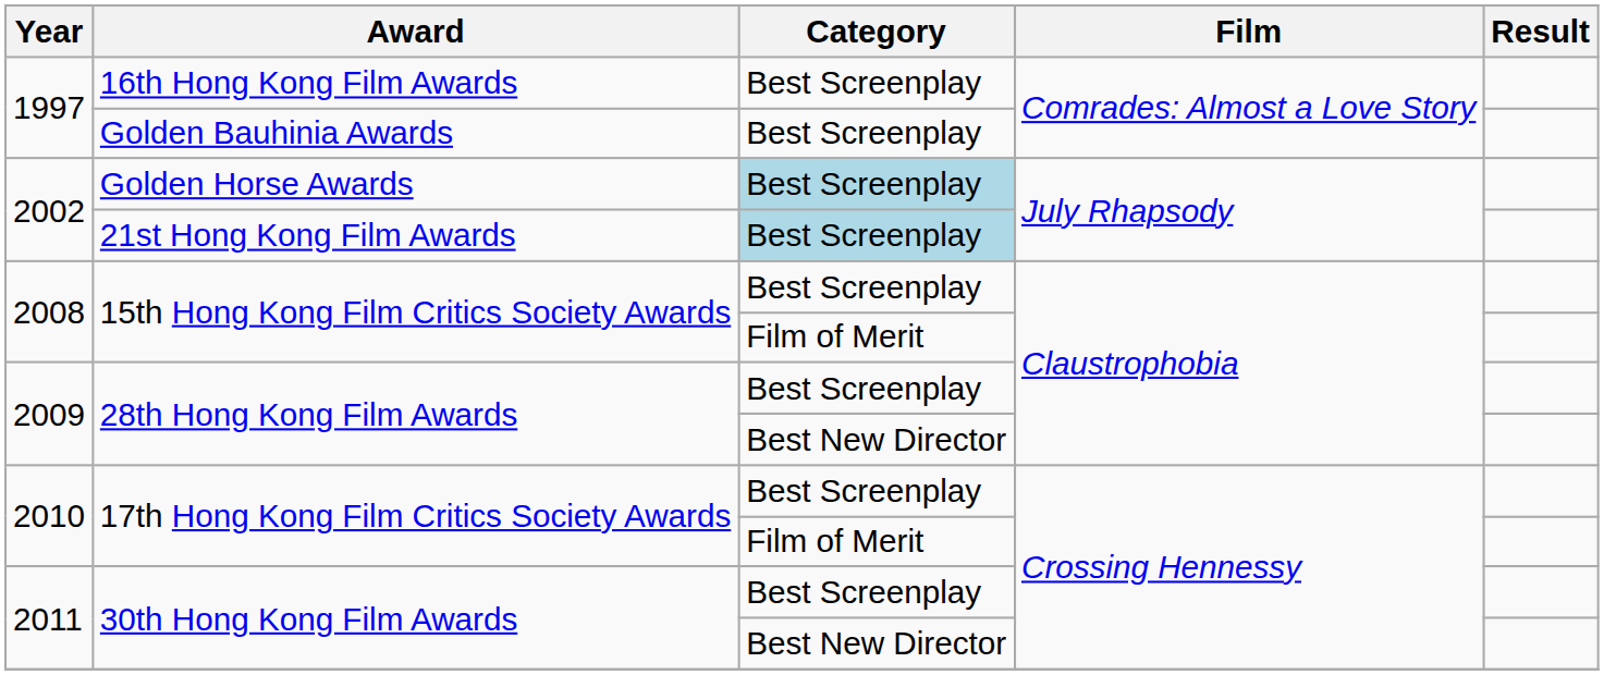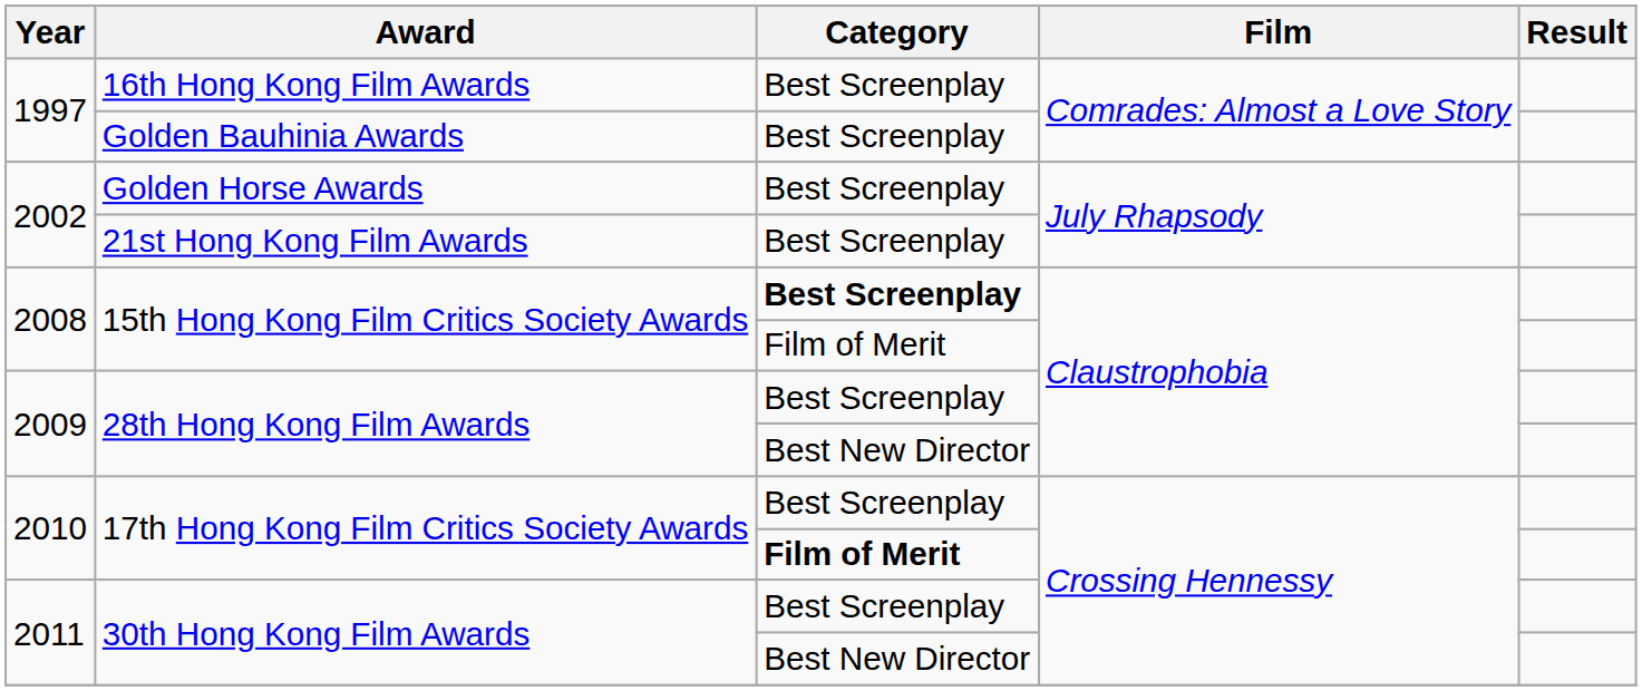 <table class="wikitable" style="font-size: 90%;">
 <tr>
 <th>Year</th>
 <th>Award</th>
 <th>Category</th>
 <th>Film</th>
 <th>Result</th>
 </tr>
 <tr>
 <td rowspan="2">1997</td>
 <td><a href='#'>16th Hong Kong Film Awards</a></td>
 <td>Best Screenplay</td>
 <td rowspan="2"><em><a href='#'>Comrades: Almost a Love Story</a></em></td>
 <td></td>
 </tr>
 <tr>
 <td><a href='#'>Golden Bauhinia Awards</a></td>
 <td>Best Screenplay</td>
 <td></td>
 </tr>
 <tr>
 <td rowspan="2">2002</td>
 <td><a href='#'>Golden Horse Awards</a></td>
-<td style="background: lightblue;">Best Screenplay</td>
+<td>Best Screenplay</td>
 <td rowspan="2"><em><a href='#'>July Rhapsody</a></em></td>
 <td></td>
 </tr>
 <tr>
 <td><a href='#'>21st Hong Kong Film Awards</a></td>
-<td style="background: lightblue;">Best Screenplay</td>
+<td>Best Screenplay</td>
 <td></td>
 </tr>
 <tr>
 <td rowspan="2">2008</td>
 <td rowspan="2">15th <a href='#'>Hong Kong Film Critics Society Awards</a></td>
-<td>Best Screenplay</td>
+<td><strong>Best Screenplay</strong></td>
 <td rowspan="4"><em><a href='#'>Claustrophobia</a></em></td>
 <td></td>
 </tr>
 <tr>
 <td>Film of Merit</td>
 <td></td>
 </tr>
 <tr>
 <td rowspan="2">2009</td>
 <td rowspan="2"><a href='#'>28th Hong Kong Film Awards</a></td>
 <td>Best Screenplay</td>
 <td></td>
 </tr>
 <tr>
 <td>Best New Director</td>
 <td></td>
 </tr>
 <tr>
 <td rowspan="2">2010</td>
 <td rowspan="2">17th <a href='#'>Hong Kong Film Critics Society Awards</a></td>
 <td>Best Screenplay</td>
 <td rowspan="4"><em><a href='#'>Crossing Hennessy</a></em></td>
 <td></td>
 </tr>
 <tr>
-<td>Film of Merit</td>
+<td><strong>Film of Merit</strong></td>
 <td></td>
 </tr>
 <tr>
 <td rowspan="2">2011</td>
 <td rowspan="2"><a href='#'>30th Hong Kong Film Awards</a></td>
 <td>Best Screenplay</td>
 <td></td>
 </tr>
 <tr>
 <td>Best New Director</td>
 <td></td>
 </tr>
 <tr>
 </tr>
 </table>
